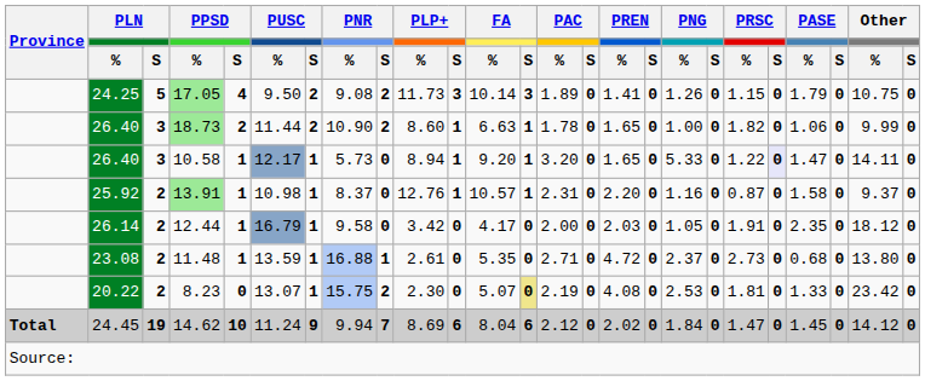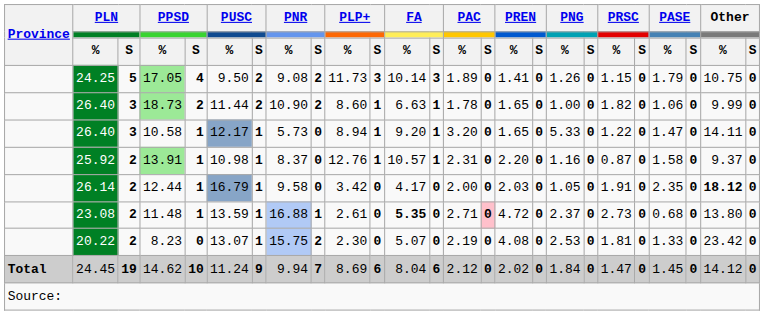 <table class="wikitable sortable" style="text-align:right; font-size:95%; line-height:20px;">
 <tr>
 <th rowspan="3"><a href='#'>Province</a></th>
 <th colspan="2" width="30px"><a href='#'>PLN</a></th>
 <th colspan="2" width="30px"><a href='#'>PPSD</a></th>
 <th colspan="2" width="30px"><a href='#'>PUSC</a></th>
 <th colspan="2" width="30px"><a href='#'>PNR</a></th>
 <th colspan="2" width="30px"><a href='#'>PLP+</a></th>
 <th colspan="2" width="30px"><a href='#'>FA</a></th>
 <th colspan="2" width="30px"><a href='#'>PAC</a></th>
 <th colspan="2" width="30px"><a href='#'>PREN</a></th>
 <th colspan="2" width="30px"><a href='#'>PNG</a></th>
 <th colspan="2" width="30px"><a href='#'>PRSC</a></th>
 <th colspan="2" width="30px"><a href='#'>PASE</a></th>
 <th colspan="2" width="30px">Other</th>
 </tr>
 <tr>
 <th colspan="2" style="background:#008024"></th>
 <th colspan="2" style="background:#39d430"></th>
 <th colspan="2" style="background:#104b90"></th>
 <th colspan="2" style="background:#6495ed"></th>
 <th colspan="2" style="background:#fd6804"></th>
 <th colspan="2" style="background:#ffee59"></th>
 <th colspan="2" style="background:#ffc700"></th>
 <th colspan="2" style="background:#0059cf"></th>
 <th colspan="2" style="background:#00a1b3"></th>
 <th colspan="2" style="background:#e30000"></th>
 <th colspan="2" style="background:#4682b4"></th>
 <th colspan="2" style="background:#7a7a7a"></th>
 </tr>
 <tr>
 <th data-sort-type="number">%</th>
 <th data-sort-type="number">S</th>
 <th data-sort-type="number">%</th>
 <th data-sort-type="number">S</th>
 <th data-sort-type="number">%</th>
 <th data-sort-type="number">S</th>
 <th data-sort-type="number">%</th>
 <th data-sort-type="number">S</th>
 <th data-sort-type="number">%</th>
 <th data-sort-type="number">S</th>
 <th data-sort-type="number">%</th>
 <th data-sort-type="number">S</th>
 <th data-sort-type="number">%</th>
 <th data-sort-type="number">S</th>
 <th data-sort-type="number">%</th>
 <th data-sort-type="number">S</th>
 <th data-sort-type="number">%</th>
 <th data-sort-type="number">S</th>
 <th data-sort-type="number">%</th>
 <th data-sort-type="number">S</th>
 <th data-sort-type="number">%</th>
 <th data-sort-type="number">S</th>
 <th data-sort-type="number">%</th>
 <th data-sort-type="number">S</th>
 </tr>
 <tr>
 <td align="left"></td>
 <td style="background:#008024; color:white;">24.25</td>
 <td><strong>5</strong></td>
 <td style="background:#9ce997; color:black;">17.05</td>
 <td><strong>4</strong></td>
 <td>9.50</td>
 <td><strong>2</strong></td>
 <td>9.08</td>
 <td><strong>2</strong></td>
 <td>11.73</td>
 <td><strong>3</strong></td>
 <td>10.14</td>
 <td><strong>3</strong></td>
 <td>1.89</td>
 <td><strong>0</strong></td>
 <td>1.41</td>
 <td><strong>0</strong></td>
 <td>1.26</td>
 <td><strong>0</strong></td>
 <td>1.15</td>
 <td><strong>0</strong></td>
 <td>1.79</td>
 <td><strong>0</strong></td>
 <td>10.75</td>
 <td><strong>0</strong></td>
 </tr>
 <tr>
 <td align="left"></td>
 <td style="background:#008024; color:white;">26.40</td>
 <td><strong>3</strong></td>
 <td style="background:#9ce997; color:black;">18.73</td>
 <td><strong>2</strong></td>
 <td>11.44</td>
 <td><strong>2</strong></td>
 <td>10.90</td>
 <td><strong>2</strong></td>
 <td>8.60</td>
 <td><strong>1</strong></td>
 <td>6.63</td>
 <td><strong>1</strong></td>
 <td>1.78</td>
 <td><strong>0</strong></td>
 <td>1.65</td>
 <td><strong>0</strong></td>
 <td>1.00</td>
 <td><strong>0</strong></td>
 <td>1.82</td>
 <td><strong>0</strong></td>
 <td>1.06</td>
 <td><strong>0</strong></td>
 <td>9.99</td>
 <td><strong>0</strong></td>
 </tr>
 <tr>
 <td align="left"></td>
 <td style="background:#008024; color:white;">26.40</td>
 <td><strong>3</strong></td>
 <td>10.58</td>
 <td><strong>1</strong></td>
 <td style="background:#87a5c7; color:black;">12.17</td>
 <td><strong>1</strong></td>
 <td>5.73</td>
 <td><strong>0</strong></td>
 <td>8.94</td>
 <td><strong>1</strong></td>
 <td>9.20</td>
 <td><strong>1</strong></td>
 <td>3.20</td>
 <td><strong>0</strong></td>
 <td>1.65</td>
 <td><strong>0</strong></td>
 <td>5.33</td>
 <td><strong>0</strong></td>
 <td>1.22</td>
-<td style="background: lavender;"><strong>0</strong></td>
+<td><strong>0</strong></td>
 <td>1.47</td>
 <td><strong>0</strong></td>
 <td>14.11</td>
 <td><strong>0</strong></td>
 </tr>
 <tr>
 <td align="left"></td>
 <td style="background:#008024; color:white;">25.92</td>
 <td><strong>2</strong></td>
 <td style="background:#9ce997; color:black;">13.91</td>
 <td><strong>1</strong></td>
 <td>10.98</td>
 <td><strong>1</strong></td>
 <td>8.37</td>
 <td><strong>0</strong></td>
 <td>12.76</td>
 <td><strong>1</strong></td>
 <td>10.57</td>
 <td><strong>1</strong></td>
 <td>2.31</td>
 <td><strong>0</strong></td>
 <td>2.20</td>
 <td><strong>0</strong></td>
 <td>1.16</td>
 <td><strong>0</strong></td>
 <td>0.87</td>
 <td><strong>0</strong></td>
 <td>1.58</td>
 <td><strong>0</strong></td>
 <td>9.37</td>
 <td><strong>0</strong></td>
 </tr>
 <tr>
 <td align="left"></td>
 <td style="background:#008024; color:white;">26.14</td>
 <td><strong>2</strong></td>
 <td>12.44</td>
 <td><strong>1</strong></td>
 <td style="background:#87a5c7; color:black;">16.79</td>
 <td><strong>1</strong></td>
 <td>9.58</td>
 <td><strong>0</strong></td>
 <td>3.42</td>
 <td><strong>0</strong></td>
 <td>4.17</td>
 <td><strong>0</strong></td>
 <td>2.00</td>
 <td><strong>0</strong></td>
 <td>2.03</td>
 <td><strong>0</strong></td>
 <td>1.05</td>
 <td><strong>0</strong></td>
 <td>1.91</td>
 <td><strong>0</strong></td>
 <td>2.35</td>
 <td><strong>0</strong></td>
-<td>18.12</td>
+<td><strong>18.12</strong></td>
 <td><strong>0</strong></td>
 </tr>
 <tr>
 <td align="left"></td>
 <td style="background:#008024; color:white;">23.08</td>
 <td><strong>2</strong></td>
 <td>11.48</td>
 <td><strong>1</strong></td>
 <td>13.59</td>
 <td><strong>1</strong></td>
 <td style="background:#b1caf6; color:black;">16.88</td>
 <td><strong>1</strong></td>
 <td>2.61</td>
 <td><strong>0</strong></td>
-<td>5.35</td>
+<td><strong>5.35</strong></td>
 <td><strong>0</strong></td>
 <td>2.71</td>
-<td><strong>0</strong></td>
+<td style="background: pink;"><strong>0</strong></td>
 <td>4.72</td>
 <td><strong>0</strong></td>
 <td>2.37</td>
 <td><strong>0</strong></td>
 <td>2.73</td>
 <td><strong>0</strong></td>
 <td>0.68</td>
 <td><strong>0</strong></td>
 <td>13.80</td>
 <td><strong>0</strong></td>
 </tr>
 <tr>
 <td align="left"></td>
 <td style="background:#008024; color:white;">20.22</td>
 <td><strong>2</strong></td>
 <td>8.23</td>
 <td><strong>0</strong></td>
 <td>13.07</td>
 <td><strong>1</strong></td>
 <td style="background:#b1caf6; color:black;">15.75</td>
 <td><strong>2</strong></td>
 <td>2.30</td>
 <td><strong>0</strong></td>
 <td>5.07</td>
-<td style="background: khaki;"><strong>0</strong></td>
+<td><strong>0</strong></td>
 <td>2.19</td>
 <td><strong>0</strong></td>
 <td>4.08</td>
 <td><strong>0</strong></td>
 <td>2.53</td>
 <td><strong>0</strong></td>
 <td>1.81</td>
 <td><strong>0</strong></td>
 <td>1.33</td>
 <td><strong>0</strong></td>
 <td>23.42</td>
 <td><strong>0</strong></td>
 </tr>
 <tr style="background:#CDCDCD;">
 <td align="left"><strong>Total</strong></td>
 <td style="background:">24.45</td>
 <td><strong>19</strong></td>
 <td>14.62</td>
 <td><strong>10</strong></td>
 <td>11.24</td>
 <td><strong>9</strong></td>
 <td>9.94</td>
 <td><strong>7</strong></td>
 <td>8.69</td>
 <td><strong>6</strong></td>
 <td>8.04</td>
 <td><strong>6</strong></td>
 <td>2.12</td>
 <td><strong>0</strong></td>
 <td>2.02</td>
 <td><strong>0</strong></td>
 <td>1.84</td>
 <td><strong>0</strong></td>
 <td>1.47</td>
 <td><strong>0</strong></td>
 <td>1.45</td>
 <td><strong>0</strong></td>
 <td>14.12</td>
 <td><strong>0</strong></td>
 </tr>
 <tr>
 <td align=left colspan=25>Source: </td>
 </tr>
 </table>
